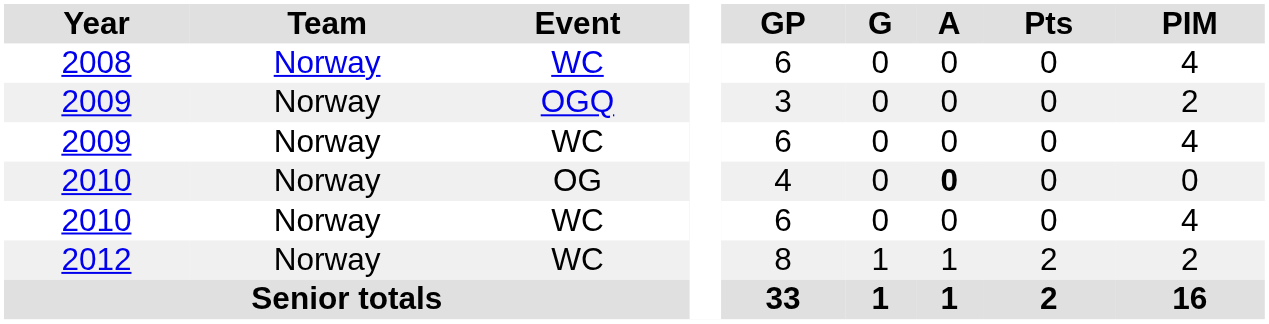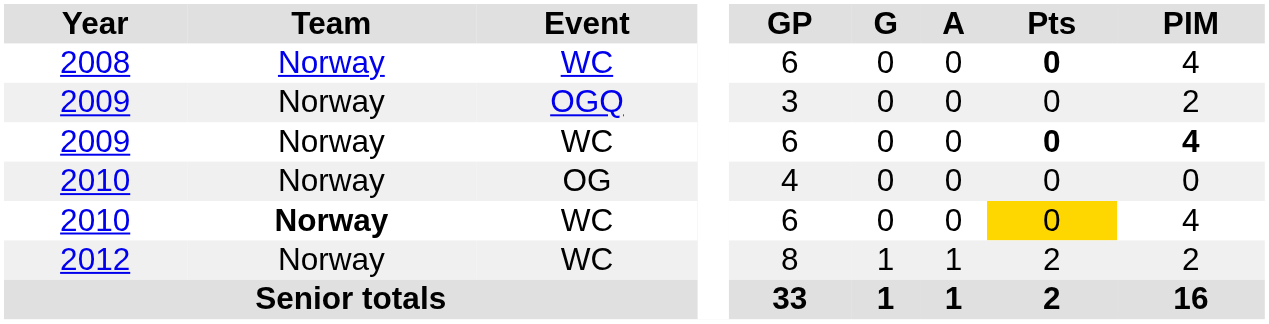 <table border="0" cellpadding="1" cellspacing="0" style="text-align:center; width:40em">
 <tr ALIGN="center" bgcolor="#e0e0e0">
 <th>Year</th>
 <th>Team</th>
 <th>Event</th>
 <th ALIGN="center" rowspan="99" bgcolor="#ffffff"> </th>
 <th>GP</th>
 <th>G</th>
 <th>A</th>
 <th>Pts</th>
 <th>PIM</th>
 </tr>
 <tr>
 <td><a href='#'>2008</a></td>
 <td><a href='#'>Norway</a></td>
 <td><a href='#'>WC</a></td>
 <td>6</td>
 <td>0</td>
 <td>0</td>
-<td>0</td>
+<td><strong>0</strong></td>
 <td>4</td>
 </tr>
 <tr bgcolor="#f0f0f0">
 <td><a href='#'>2009</a></td>
 <td>Norway</td>
 <td><a href='#'>OGQ</a></td>
 <td>3</td>
 <td>0</td>
 <td>0</td>
 <td>0</td>
 <td>2</td>
 </tr>
 <tr>
 <td><a href='#'>2009</a></td>
 <td>Norway</td>
 <td>WC</td>
 <td>6</td>
 <td>0</td>
 <td>0</td>
-<td>0</td>
-<td>4</td>
+<td><strong>0</strong></td>
+<td><strong>4</strong></td>
 </tr>
 <tr bgcolor="#f0f0f0">
 <td><a href='#'>2010</a></td>
 <td>Norway</td>
 <td>OG</td>
 <td>4</td>
 <td>0</td>
-<td><strong>0</strong></td>
+<td>0</td>
 <td>0</td>
 <td>0</td>
 </tr>
 <tr>
 <td><a href='#'>2010</a></td>
-<td>Norway</td>
+<td><strong>Norway</strong></td>
 <td>WC</td>
 <td>6</td>
 <td>0</td>
 <td>0</td>
-<td>0</td>
+<td style="background: gold;">0</td>
 <td>4</td>
 </tr>
 <tr bgcolor="#f0f0f0">
 <td><a href='#'>2012</a></td>
 <td>Norway</td>
 <td>WC</td>
 <td>8</td>
 <td>1</td>
 <td>1</td>
 <td>2</td>
 <td>2</td>
 </tr>
 <tr bgcolor="#e0e0e0">
 <th colspan="3">Senior totals</th>
 <th>33</th>
 <th>1</th>
 <th>1</th>
 <th>2</th>
 <th>16</th>
 </tr>
 </table>
